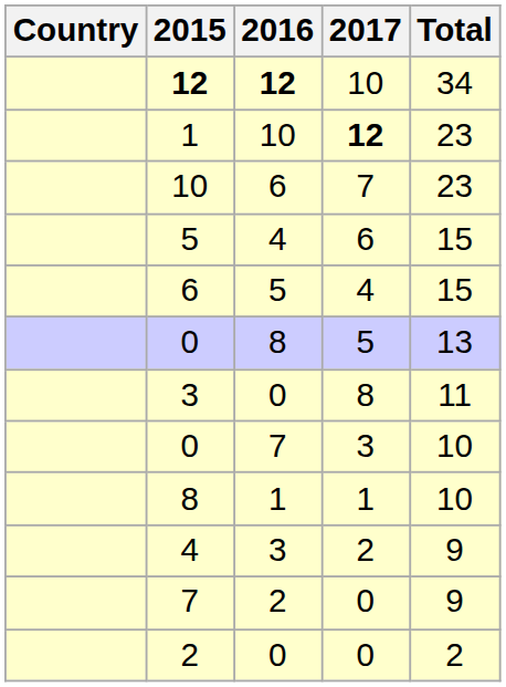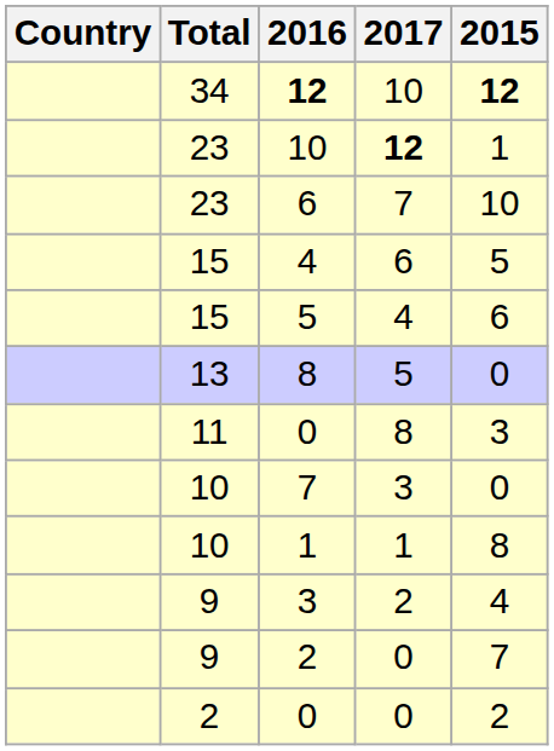 <table class="wikitable sortable" style="text-align:center;">
 <tr>
 <th>Country</th>
-<th> 2015</th>
+<th>Total</th>
 <th> 2016</th>
 <th> 2017</th>
-<th>Total</th>
+<th> 2015</th>
 </tr>
 <tr bgcolor=#ffffcc>
 <td align=left></td>
-<td><strong>12</strong></td>
+<td>34</td>
 <td><strong>12</strong></td>
 <td>10</td>
-<td>34</td>
+<td><strong>12</strong></td>
 </tr>
 <tr bgcolor=#ffffcc>
 <td align=left></td>
-<td>1</td>
+<td>23</td>
 <td>10</td>
 <td><strong>12</strong></td>
+<td>1</td>
+</tr>
+<tr bgcolor=#ffffcc>
+<td align=left></td>
 <td>23</td>
+<td>6</td>
+<td>7</td>
+<td>10</td>
+</tr>
+<tr bgcolor=#ffffcc>
+<td align=left></td>
+<td>15</td>
+<td>4</td>
+<td>6</td>
+<td>5</td>
+</tr>
+<tr bgcolor=#ffffcc>
+<td align=left></td>
+<td>15</td>
+<td>5</td>
+<td>4</td>
+<td>6</td>
+</tr>
+<tr bgcolor=#ccccff>
+<td align=left></td>
+<td>13</td>
+<td>8</td>
+<td>5</td>
+<td>0</td>
+</tr>
+<tr bgcolor=#ffffcc>
+<td align=left><br></td>
+<td>11</td>
+<td>0</td>
+<td>8</td>
+<td>3</td>
 </tr>
 <tr bgcolor=#ffffcc>
 <td align=left></td>
 <td>10</td>
-<td>6</td>
 <td>7</td>
-<td>23</td>
+<td>3</td>
+<td>0</td>
 </tr>
 <tr bgcolor=#ffffcc>
 <td align=left></td>
-<td>5</td>
-<td>4</td>
-<td>6</td>
-<td>15</td>
+<td>10</td>
+<td>1</td>
+<td>1</td>
+<td>8</td>
 </tr>
 <tr bgcolor=#ffffcc>
 <td align=left></td>
-<td>6</td>
-<td>5</td>
+<td>9</td>
+<td>3</td>
+<td>2</td>
 <td>4</td>
-<td>15</td>
-</tr>
-<tr bgcolor=#ccccff>
-<td align=left></td>
-<td>0</td>
-<td>8</td>
-<td>5</td>
-<td>13</td>
-</tr>
-<tr bgcolor=#ffffcc>
-<td align=left><br></td>
-<td>3</td>
-<td>0</td>
-<td>8</td>
-<td>11</td>
 </tr>
 <tr bgcolor=#ffffcc>
 <td align=left></td>
+<td>9</td>
+<td>2</td>
 <td>0</td>
 <td>7</td>
-<td>3</td>
-<td>10</td>
-</tr>
-<tr bgcolor=#ffffcc>
-<td align=left></td>
-<td>8</td>
-<td>1</td>
-<td>1</td>
-<td>10</td>
-</tr>
-<tr bgcolor=#ffffcc>
-<td align=left></td>
-<td>4</td>
-<td>3</td>
-<td>2</td>
-<td>9</td>
-</tr>
-<tr bgcolor=#ffffcc>
-<td align=left></td>
-<td>7</td>
-<td>2</td>
-<td>0</td>
-<td>9</td>
 </tr>
 <tr bgcolor=#ffffcc>
 <td align=left></td>
 <td>2</td>
 <td>0</td>
 <td>0</td>
 <td>2</td>
 </tr>
 </table>
